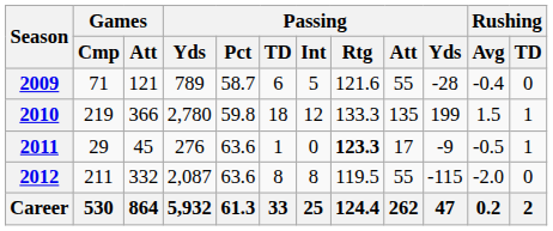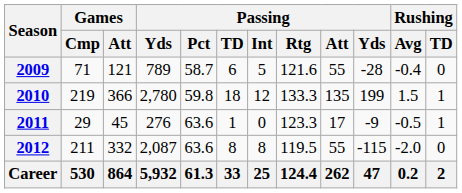 <table class=wikitable style="text-align:center;">
 <tr>
 <th rowspan="2">Season</th>
 <th colspan="2">Games</th>
 <th colspan="7">Passing</th>
 <th colspan="3">Rushing</th>
 </tr>
 <tr>
 <th>Cmp</th>
 <th>Att</th>
 <th>Yds</th>
 <th>Pct</th>
 <th>TD</th>
 <th>Int</th>
 <th>Rtg</th>
 <th>Att</th>
 <th>Yds</th>
 <th>Avg</th>
 <th>TD</th>
 </tr>
 <tr>
 <th><a href='#'>2009</a></th>
 <td>71</td>
 <td>121</td>
 <td>789</td>
 <td>58.7</td>
 <td>6</td>
 <td>5</td>
 <td>121.6</td>
 <td>55</td>
 <td>-28</td>
 <td>-0.4</td>
 <td>0</td>
 </tr>
 <tr>
 <th><a href='#'>2010</a></th>
 <td>219</td>
 <td>366</td>
 <td>2,780</td>
 <td>59.8</td>
 <td>18</td>
 <td>12</td>
 <td>133.3</td>
 <td>135</td>
 <td>199</td>
 <td>1.5</td>
 <td>1</td>
 </tr>
 <tr>
 <th><a href='#'>2011</a></th>
 <td>29</td>
 <td>45</td>
 <td>276</td>
 <td>63.6</td>
 <td>1</td>
 <td>0</td>
-<td><strong>123.3</strong></td>
+<td>123.3</td>
 <td>17</td>
 <td>-9</td>
 <td>-0.5</td>
 <td>1</td>
 </tr>
 <tr>
 <th><a href='#'>2012</a></th>
 <td>211</td>
 <td>332</td>
 <td>2,087</td>
 <td>63.6</td>
 <td>8</td>
 <td>8</td>
 <td>119.5</td>
 <td>55</td>
 <td>-115</td>
 <td>-2.0</td>
 <td>0</td>
 </tr>
 <tr>
 <th>Career</th>
 <th>530</th>
 <th>864</th>
 <th>5,932</th>
 <th>61.3</th>
 <th>33</th>
 <th>25</th>
 <th>124.4</th>
 <th>262</th>
 <th>47</th>
 <th>0.2</th>
 <th>2</th>
 </tr>
 </table>
